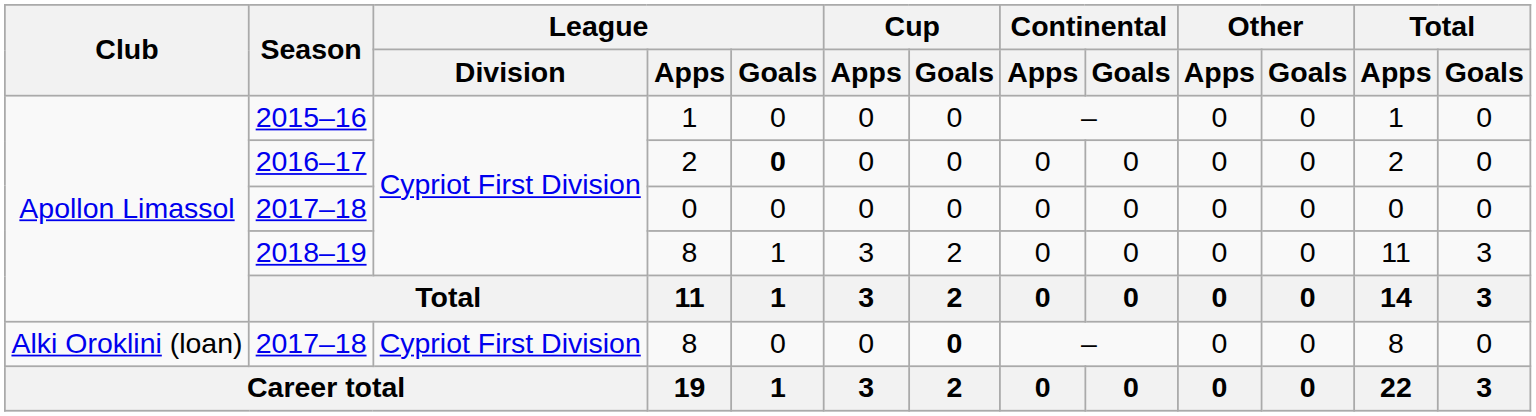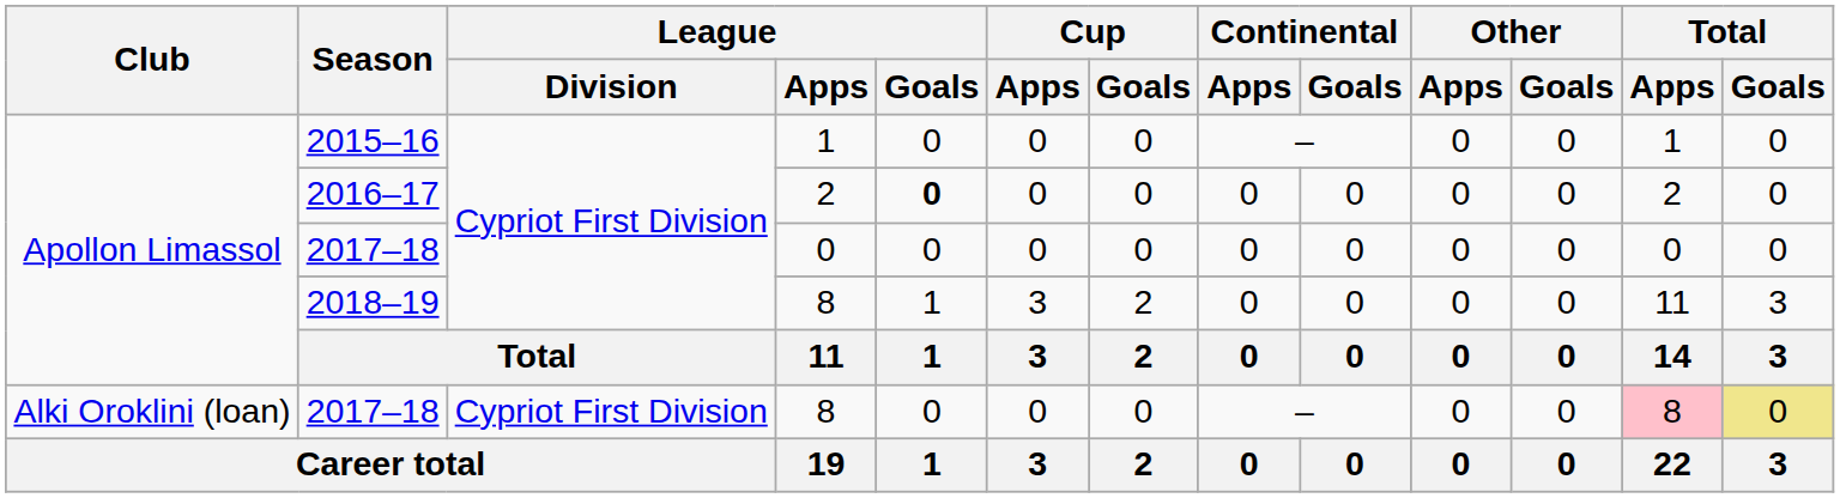 <table class="wikitable" style="text-align: center">
 <tr>
 <th rowspan="2">Club</th>
 <th rowspan="2">Season</th>
 <th colspan="3">League</th>
 <th colspan="2">Cup</th>
 <th colspan="2">Continental</th>
 <th colspan="2">Other</th>
 <th colspan="2">Total</th>
 </tr>
 <tr>
 <th>Division</th>
 <th>Apps</th>
 <th>Goals</th>
 <th>Apps</th>
 <th>Goals</th>
 <th>Apps</th>
 <th>Goals</th>
 <th>Apps</th>
 <th>Goals</th>
 <th>Apps</th>
 <th>Goals</th>
 </tr>
 <tr>
 <td rowspan="5"><a href='#'>Apollon Limassol</a></td>
 <td><a href='#'>2015–16</a></td>
 <td rowspan="4"><a href='#'>Cypriot First Division</a></td>
 <td>1</td>
 <td>0</td>
 <td>0</td>
 <td>0</td>
 <td colspan="2">–</td>
 <td>0</td>
 <td>0</td>
 <td>1</td>
 <td>0</td>
 </tr>
 <tr>
 <td><a href='#'>2016–17</a></td>
 <td>2</td>
 <td><strong>0</strong></td>
 <td>0</td>
 <td>0</td>
 <td>0</td>
 <td>0</td>
 <td>0</td>
 <td>0</td>
 <td>2</td>
 <td>0</td>
 </tr>
 <tr>
 <td><a href='#'>2017–18</a></td>
 <td>0</td>
 <td>0</td>
 <td>0</td>
 <td>0</td>
 <td>0</td>
 <td>0</td>
 <td>0</td>
 <td>0</td>
 <td>0</td>
 <td>0</td>
 </tr>
 <tr>
 <td><a href='#'>2018–19</a></td>
 <td>8</td>
 <td>1</td>
 <td>3</td>
 <td>2</td>
 <td>0</td>
 <td>0</td>
 <td>0</td>
 <td>0</td>
 <td>11</td>
 <td>3</td>
 </tr>
 <tr>
 <th colspan="2"><strong>Total</strong></th>
 <th>11</th>
 <th>1</th>
 <th>3</th>
 <th>2</th>
 <th>0</th>
 <th>0</th>
 <th>0</th>
 <th>0</th>
 <th>14</th>
 <th>3</th>
 </tr>
 <tr>
 <td><a href='#'>Alki Oroklini</a> (loan)</td>
 <td><a href='#'>2017–18</a></td>
 <td><a href='#'>Cypriot First Division</a></td>
 <td>8</td>
 <td>0</td>
 <td>0</td>
-<td><strong>0</strong></td>
+<td>0</td>
 <td colspan="2">–</td>
 <td>0</td>
 <td>0</td>
-<td>8</td>
-<td>0</td>
+<td style="background: pink;">8</td>
+<td style="background: khaki;">0</td>
 </tr>
 <tr>
 <th colspan=3>Career total</th>
 <th>19</th>
 <th>1</th>
 <th>3</th>
 <th>2</th>
 <th>0</th>
 <th>0</th>
 <th>0</th>
 <th>0</th>
 <th>22</th>
 <th>3</th>
 </tr>
 </table>
